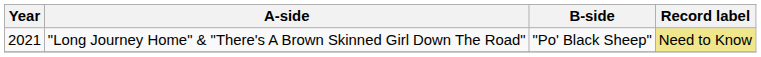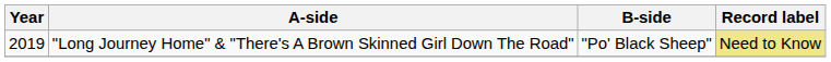 <table class="wikitable sortable">
 <tr>
 <th>Year</th>
 <th>A-side</th>
 <th>B-side</th>
 <th>Record label</th>
 </tr>
 <tr>
-<td>2021</td>
+<td>2019</td>
 <td>"Long Journey Home" & "There's A Brown Skinned Girl Down The Road"</td>
 <td>"Po' Black Sheep"</td>
 <td style="background: khaki; text-align:center;">Need to Know</td>
 </tr>
 <tr>
 </tr>
 </table>
